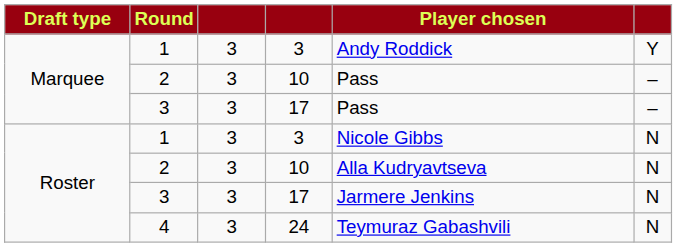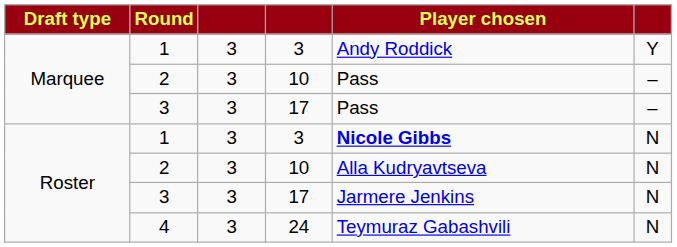 <table class="wikitable" style="text-align:left">
 <tr>
 <th style="background:#98000F; color:#DDFF55" width="100px">Draft type</th>
 <th style="background:#98000F; color:#DDFF55" width="50px">Round</th>
 <th style="background:#98000F; color:#DDFF55" width="50px"></th>
 <th style="background:#98000F; color:#DDFF55" width="50px"></th>
 <th style="background:#98000F; color:#DDFF55" width="250px">Player chosen</th>
 <th style="background:#98000F; color:#DDFF55" width="25px"></th>
 </tr>
 <tr>
 <td rowspan="3" style="text-align:center">Marquee</td>
 <td style="text-align:center">1</td>
 <td style="text-align:center">3</td>
 <td style="text-align:center">3</td>
 <td> <a href='#'>Andy Roddick</a></td>
 <td style="text-align:center">Y</td>
 </tr>
 <tr>
 <td style="text-align:center">2</td>
 <td style="text-align:center">3</td>
 <td style="text-align:center">10</td>
 <td>Pass</td>
 <td style="text-align:center">–</td>
 </tr>
 <tr>
 <td style="text-align:center">3</td>
 <td style="text-align:center">3</td>
 <td style="text-align:center">17</td>
 <td>Pass</td>
 <td style="text-align:center">–</td>
 </tr>
 <tr>
 <td rowspan="4" style="text-align:center">Roster</td>
 <td style="text-align:center">1</td>
 <td style="text-align:center">3</td>
 <td style="text-align:center">3</td>
-<td> <a href='#'>Nicole Gibbs</a></td>
+<td><strong> <a href='#'>Nicole Gibbs</a></strong></td>
 <td style="text-align:center">N</td>
 </tr>
 <tr>
 <td style="text-align:center">2</td>
 <td style="text-align:center">3</td>
 <td style="text-align:center">10</td>
 <td> <a href='#'>Alla Kudryavtseva</a></td>
 <td style="text-align:center">N</td>
 </tr>
 <tr>
 <td style="text-align:center">3</td>
 <td style="text-align:center">3</td>
 <td style="text-align:center">17</td>
 <td> <a href='#'>Jarmere Jenkins</a></td>
 <td style="text-align:center">N</td>
 </tr>
 <tr>
 <td style="text-align:center">4</td>
 <td style="text-align:center">3</td>
 <td style="text-align:center">24</td>
 <td> <a href='#'>Teymuraz Gabashvili</a></td>
 <td style="text-align:center">N</td>
 </tr>
 </table>
